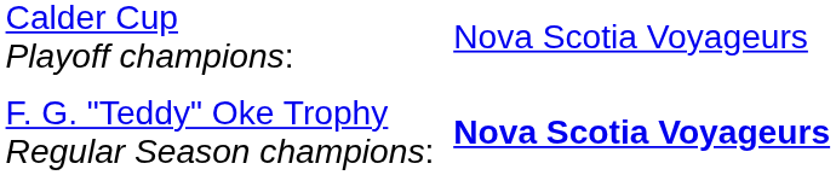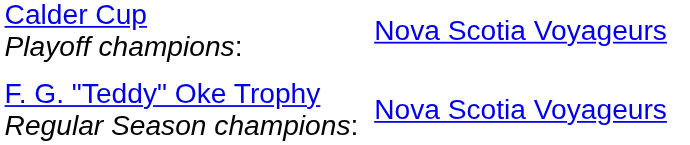 <table cellpadding="3" cellspacing="3">
 <tr>
 <td><a href='#'>Calder Cup</a><br><em>Playoff champions</em>:</td>
 <td><a href='#'>Nova Scotia Voyageurs</a></td>
 </tr>
 <tr>
 <td><a href='#'>F. G. "Teddy" Oke Trophy</a><br><em>Regular Season champions</em>:</td>
-<td><strong><a href='#'>Nova Scotia Voyageurs</a></strong></td>
+<td><a href='#'>Nova Scotia Voyageurs</a></td>
 </tr>
 </table>
